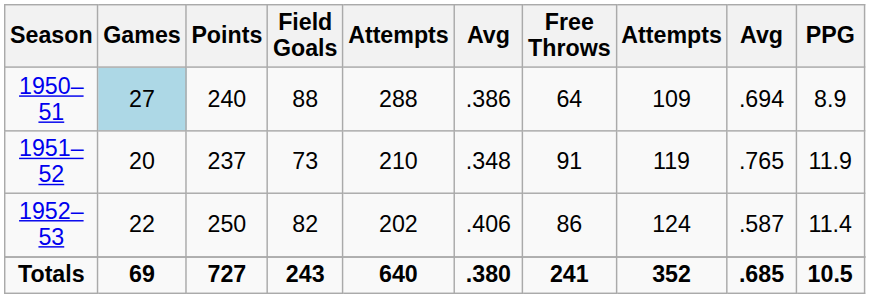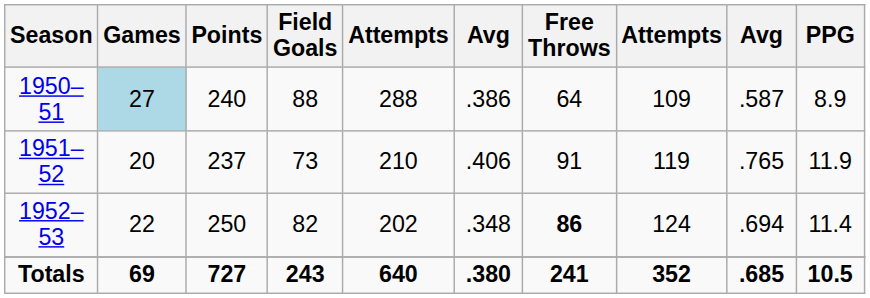 <table class="wikitable sortable" style="text-align:center">
 <tr>
 <th width=40px>Season</th>
 <th width=40px>Games</th>
 <th width=40px>Points</th>
 <th width=40px>Field Goals</th>
 <th width=40px>Attempts</th>
 <th width=40px>Avg</th>
 <th width=40px>Free Throws</th>
 <th width=40px>Attempts</th>
 <th width=40px>Avg</th>
 <th width=40px>PPG</th>
 </tr>
 <tr>
 <td><a href='#'>1950–51</a></td>
 <td style="background: lightblue;">27</td>
 <td>240</td>
 <td>88</td>
 <td>288</td>
 <td>.386</td>
 <td>64</td>
 <td>109</td>
-<td>.694</td>
+<td>.587</td>
 <td>8.9</td>
 </tr>
 <tr>
 <td><a href='#'>1951–52</a></td>
 <td>20</td>
 <td>237</td>
 <td>73</td>
 <td>210</td>
-<td>.348</td>
+<td>.406</td>
 <td>91</td>
 <td>119</td>
 <td>.765</td>
 <td>11.9</td>
 </tr>
 <tr>
 <td><a href='#'>1952–53</a></td>
 <td>22</td>
 <td>250</td>
 <td>82</td>
 <td>202</td>
-<td>.406</td>
-<td>86</td>
+<td>.348</td>
+<td><strong>86</strong></td>
 <td>124</td>
-<td>.587</td>
+<td>.694</td>
 <td>11.4</td>
 </tr>
 <tr>
 </tr>
 <tr class="sortbottom">
 <td><strong>Totals</strong></td>
 <td><strong>69</strong></td>
 <td><strong>727</strong></td>
 <td><strong>243</strong></td>
 <td><strong>640</strong></td>
 <td><strong>.380</strong></td>
 <td><strong>241</strong></td>
 <td><strong>352</strong></td>
 <td><strong>.685</strong></td>
 <td><strong>10.5</strong></td>
 </tr>
 </table>
